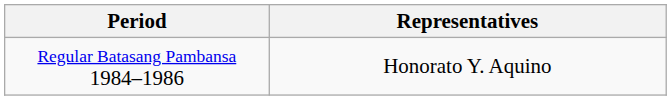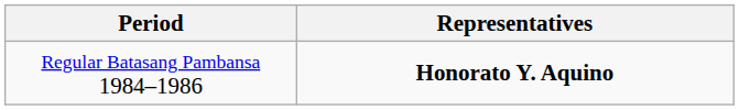 <table class="wikitable" style="text-align:center; width:40%;">
 <tr>
 <th width="40%">Period</th>
 <th>Representatives</th>
 </tr>
 <tr>
 <td><small><a href='#'>Regular Batasang Pambansa</a></small><br>1984–1986</td>
-<td>Honorato Y. Aquino</td>
+<td><strong>Honorato Y. Aquino</strong></td>
 </tr>
 </table>
